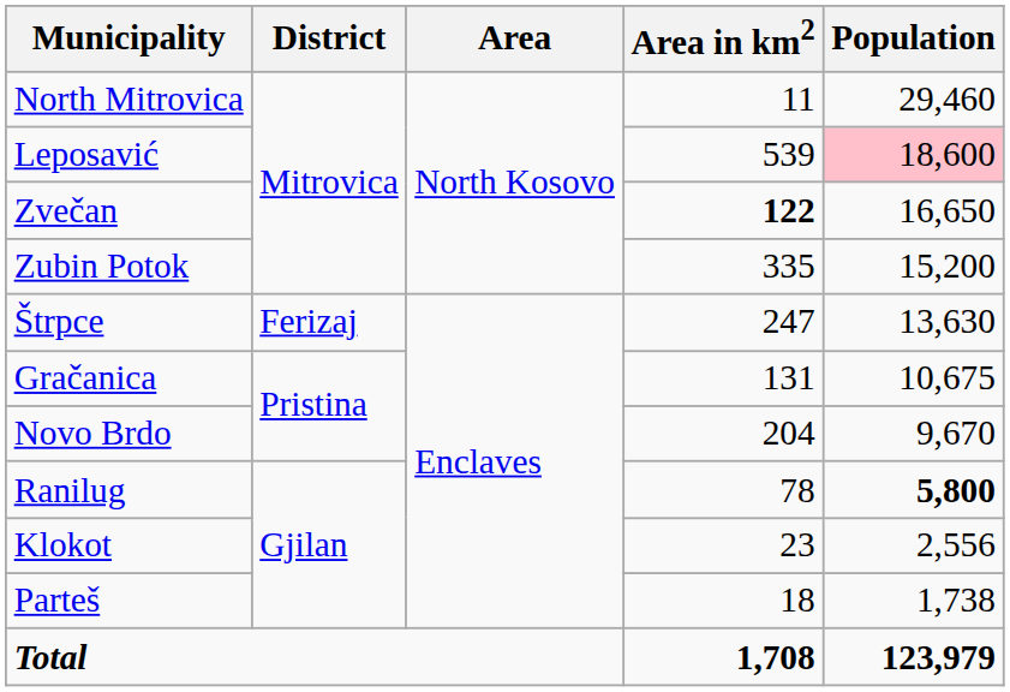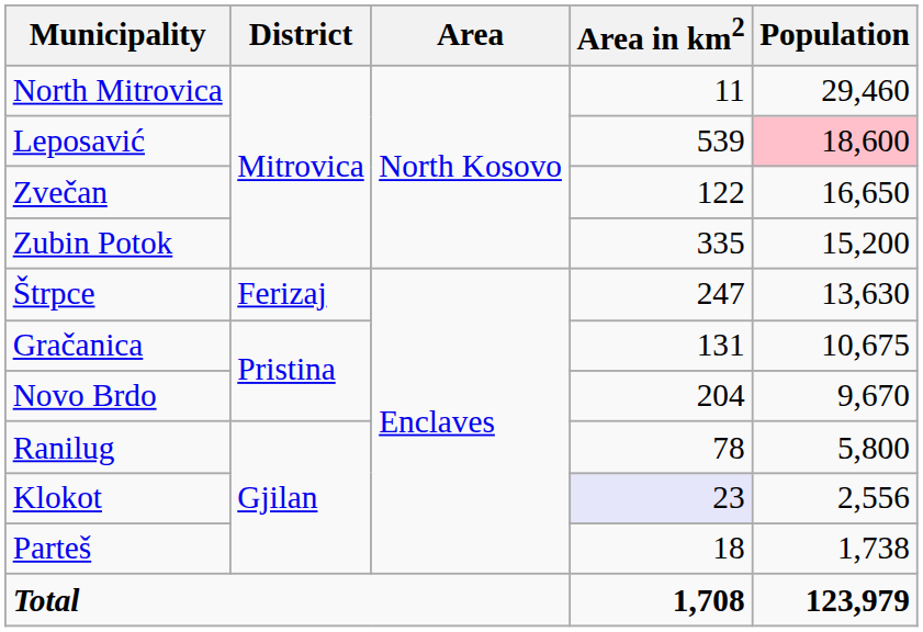 <table class="wikitable sortable">
 <tr>
 <th>Municipality</th>
 <th>District</th>
 <th>Area</th>
 <th>Area in km<sup>2</sup></th>
 <th>Population</th>
 </tr>
 <tr>
 <td style="text-align:left;"><a href='#'>North Mitrovica</a></td>
 <td style="text-align:left;" rowspan=4><a href='#'>Mitrovica</a></td>
 <td style="text-align:left;" rowspan=4><a href='#'>North Kosovo</a></td>
 <td style="text-align:right;">11</td>
 <td style="text-align:right;">29,460</td>
 </tr>
 <tr>
 <td style="text-align:left;"><a href='#'>Leposavić</a></td>
 <td style="text-align:right;">539</td>
 <td style="background: pink; text-align:right;">18,600</td>
 </tr>
 <tr>
 <td style="text-align:left;"><a href='#'>Zvečan</a></td>
-<td style="text-align:right;"><strong>122</strong></td>
+<td style="text-align:right;">122</td>
 <td style="text-align:right;">16,650</td>
 </tr>
 <tr>
 <td style="text-align:left;"><a href='#'>Zubin Potok</a></td>
 <td style="text-align:right;">335</td>
 <td style="text-align:right;">15,200</td>
 </tr>
 <tr>
 <td style="text-align:left;"><a href='#'>Štrpce</a></td>
 <td style="text-align:left;"><a href='#'>Ferizaj</a></td>
 <td style="text-align:left;" rowspan=6><a href='#'>Enclaves</a></td>
 <td style="text-align:right;">247</td>
 <td style="text-align:right;">13,630</td>
 </tr>
 <tr>
 <td style="text-align:left;"><a href='#'>Gračanica</a></td>
 <td style="text-align:left;" rowspan=2><a href='#'>Pristina</a></td>
 <td style="text-align:right;">131</td>
 <td style="text-align:right;">10,675</td>
 </tr>
 <tr>
 <td style="text-align:left;"><a href='#'>Novo Brdo</a></td>
 <td style="text-align:right;">204</td>
 <td style="text-align:right;">9,670</td>
 </tr>
 <tr>
 <td style="text-align:left;"><a href='#'>Ranilug</a></td>
 <td style="text-align:left;" rowspan=3><a href='#'>Gjilan</a></td>
 <td style="text-align:right;">78</td>
-<td style="text-align:right;"><strong>5,800</strong></td>
+<td style="text-align:right;">5,800</td>
 </tr>
 <tr>
 <td style="text-align:left;"><a href='#'>Klokot</a></td>
-<td style="text-align:right;">23</td>
+<td style="background: lavender; text-align:right;">23</td>
 <td style="text-align:right;">2,556</td>
 </tr>
 <tr>
 <td style="text-align:left;"><a href='#'>Parteš</a></td>
 <td style="text-align:right;">18</td>
 <td style="text-align:right;">1,738</td>
 </tr>
 <tr class="sortbottom">
 <td style="text-align:left;" colspan=3><strong><em>Total</em></strong></td>
 <td style="text-align:right;"><strong>1,708</strong></td>
 <td style="text-align:right;"><strong>123,979</strong></td>
 </tr>
 </table>
